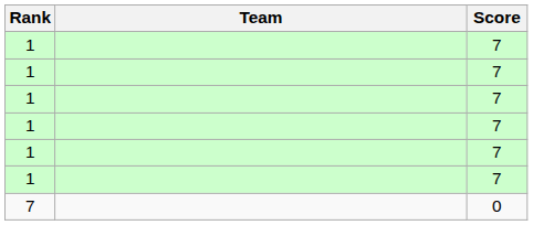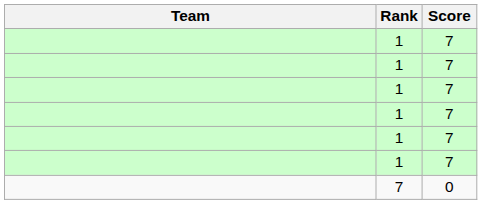 <table class="wikitable" style="text-align:center">
 <tr>
+<th width=380>Team</th>
 <th width=40>Rank</th>
-<th width=380>Team</th>
 <th width=50>Score</th>
 </tr>
 <tr bgcolor="ccffcc">
+<td align=left></td>
 <td>1</td>
-<td align=left></td>
 <td>7</td>
 </tr>
 <tr bgcolor="ccffcc">
+<td align=left></td>
 <td>1</td>
-<td align=left></td>
 <td>7</td>
 </tr>
 <tr bgcolor="ccffcc">
+<td align=left></td>
 <td>1</td>
-<td align=left></td>
 <td>7</td>
 </tr>
 <tr bgcolor="ccffcc">
+<td align=left></td>
 <td>1</td>
-<td align=left></td>
 <td>7</td>
 </tr>
 <tr bgcolor="ccffcc">
+<td align=left></td>
 <td>1</td>
-<td align=left></td>
 <td>7</td>
 </tr>
 <tr bgcolor="ccffcc">
+<td align=left></td>
 <td>1</td>
-<td align=left></td>
 <td>7</td>
 </tr>
 <tr>
+<td align=left></td>
 <td>7</td>
-<td align=left></td>
 <td>0</td>
 </tr>
 </table>
